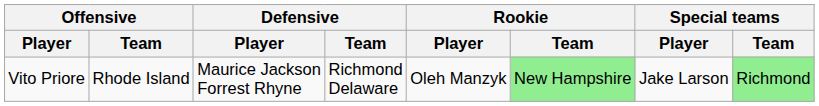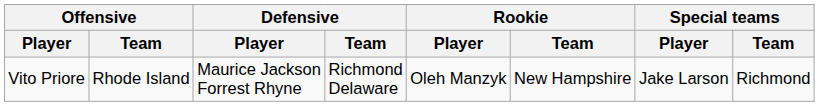 <table class="wikitable" border="1">
 <tr>
 <th colspan="2">Offensive</th>
 <th colspan="2">Defensive</th>
 <th colspan="2">Rookie</th>
 <th colspan="2">Special teams</th>
 </tr>
 <tr>
 <th>Player</th>
 <th>Team</th>
 <th>Player</th>
 <th>Team</th>
 <th>Player</th>
 <th>Team</th>
 <th>Player</th>
 <th>Team</th>
 </tr>
 <tr>
 <td>Vito Priore</td>
 <td>Rhode Island</td>
 <td>Maurice Jackson<br>Forrest Rhyne</td>
 <td>Richmond<br>Delaware</td>
 <td>Oleh Manzyk</td>
-<td style="background: lightgreen;">New Hampshire</td>
+<td>New Hampshire</td>
 <td>Jake Larson</td>
-<td style="background: lightgreen;">Richmond</td>
+<td>Richmond</td>
 </tr>
 </table>
